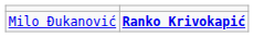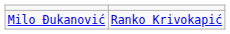 <table class="wikitable" style="text-align:left; float:right; margin-right:9px; margin-left:2px;">
 <tr>
 <td style="text-align:left;"></td>
 <td style="text-align:left;"></td>
 </tr>
 <tr>
 <td style="text-align:center;"><a href='#'>Milo Đukanović</a></td>
-<td style="text-align:center;"><strong><a href='#'>Ranko Krivokapić</a></strong></td>
+<td style="text-align:center;"><a href='#'>Ranko Krivokapić</a></td>
 </tr>
 </table>
